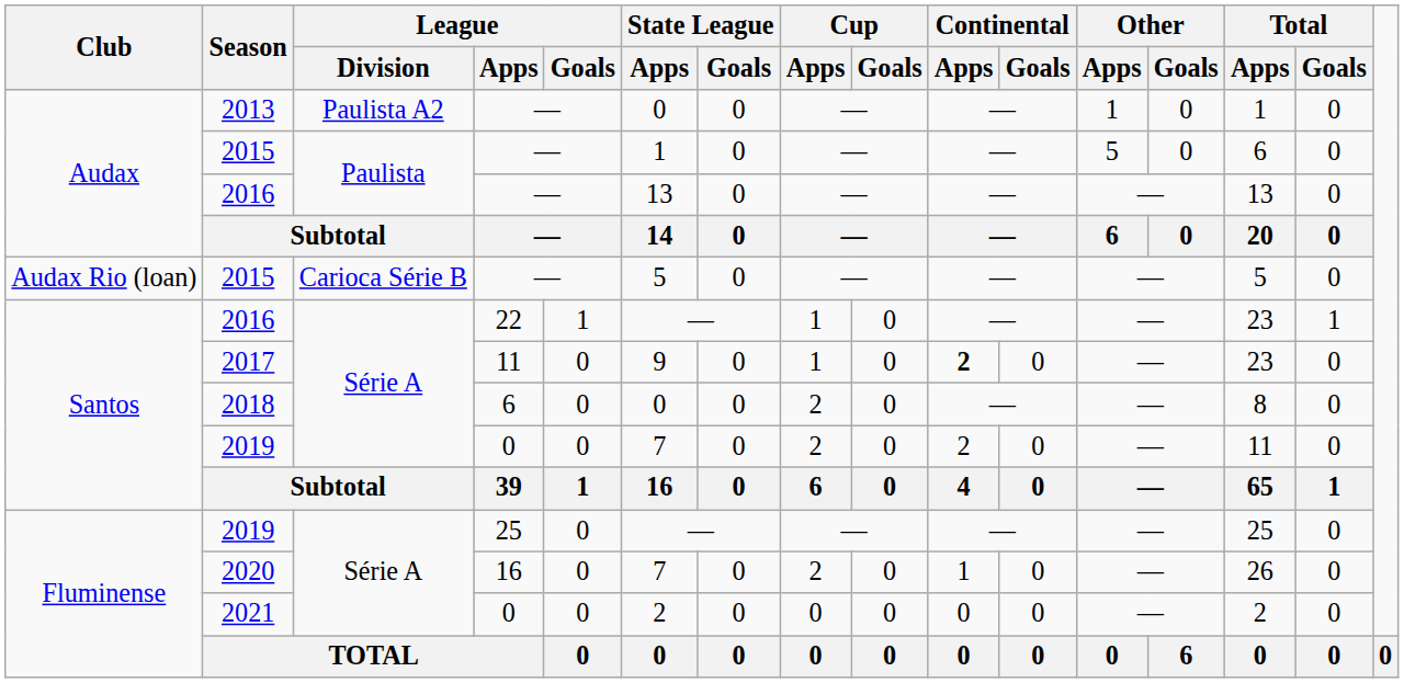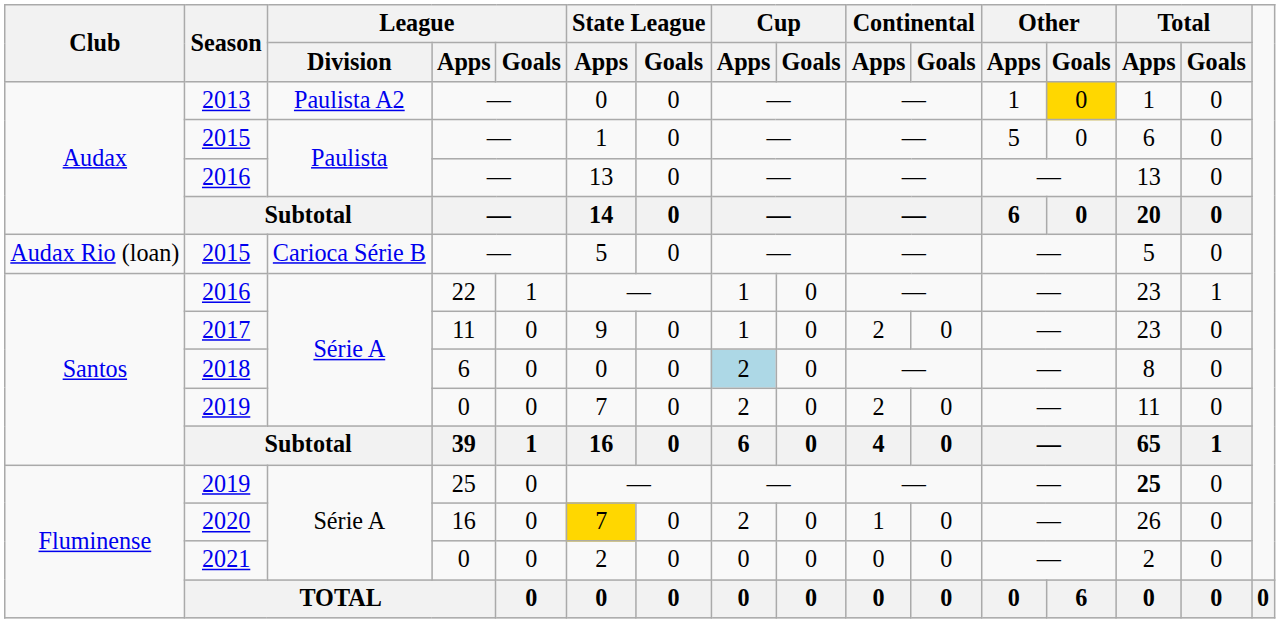 <table class="wikitable" style="text-align: center;">
 <tr>
 <th rowspan="2">Club</th>
 <th rowspan="2">Season</th>
 <th colspan="3">League</th>
 <th colspan="2">State League</th>
 <th colspan="2">Cup</th>
 <th colspan="2">Continental</th>
 <th colspan="2">Other</th>
 <th colspan="2">Total</th>
 </tr>
 <tr>
 <th>Division</th>
 <th>Apps</th>
 <th>Goals</th>
 <th>Apps</th>
 <th>Goals</th>
 <th>Apps</th>
 <th>Goals</th>
 <th>Apps</th>
 <th>Goals</th>
 <th>Apps</th>
 <th>Goals</th>
 <th>Apps</th>
 <th>Goals</th>
 </tr>
 <tr>
 <td rowspan="4" valign="center"><a href='#'>Audax</a></td>
 <td><a href='#'>2013</a></td>
 <td><a href='#'>Paulista A2</a></td>
 <td colspan="2">—</td>
 <td>0</td>
 <td>0</td>
 <td colspan="2">—</td>
 <td colspan="2">—</td>
 <td>1</td>
-<td>0</td>
+<td style="background: gold;">0</td>
 <td>1</td>
 <td>0</td>
 </tr>
 <tr>
 <td><a href='#'>2015</a></td>
 <td rowspan="2"><a href='#'>Paulista</a></td>
 <td colspan="2">—</td>
 <td>1</td>
 <td>0</td>
 <td colspan="2">—</td>
 <td colspan="2">—</td>
 <td>5</td>
 <td>0</td>
 <td>6</td>
 <td>0</td>
 </tr>
 <tr>
 <td><a href='#'>2016</a></td>
 <td colspan="2">—</td>
 <td>13</td>
 <td>0</td>
 <td colspan="2">—</td>
 <td colspan="2">—</td>
 <td colspan="2">—</td>
 <td>13</td>
 <td>0</td>
 </tr>
 <tr>
 <th colspan="2">Subtotal</th>
 <th colspan="2">—</th>
 <th>14</th>
 <th>0</th>
 <th colspan="2">—</th>
 <th colspan="2">—</th>
 <th>6</th>
 <th>0</th>
 <th>20</th>
 <th>0</th>
 </tr>
 <tr>
 <td valign="center"><a href='#'>Audax Rio</a> (loan)</td>
 <td><a href='#'>2015</a></td>
 <td><a href='#'>Carioca Série B</a></td>
 <td colspan="2">—</td>
 <td>5</td>
 <td>0</td>
 <td colspan="2">—</td>
 <td colspan="2">—</td>
 <td colspan="2">—</td>
 <td>5</td>
 <td>0</td>
 </tr>
 <tr>
 <td rowspan=5 valign="center"><a href='#'>Santos</a></td>
 <td><a href='#'>2016</a></td>
 <td rowspan=4><a href='#'>Série A</a></td>
 <td>22</td>
 <td>1</td>
 <td colspan="2">—</td>
 <td>1</td>
 <td>0</td>
 <td colspan="2">—</td>
 <td colspan="2">—</td>
 <td>23</td>
 <td>1</td>
 </tr>
 <tr>
 <td><a href='#'>2017</a></td>
 <td>11</td>
 <td>0</td>
 <td>9</td>
 <td>0</td>
 <td>1</td>
 <td>0</td>
-<td><strong>2</strong></td>
+<td>2</td>
 <td>0</td>
 <td colspan="2">—</td>
 <td>23</td>
 <td>0</td>
 </tr>
 <tr>
 <td><a href='#'>2018</a></td>
 <td>6</td>
 <td>0</td>
 <td>0</td>
 <td>0</td>
-<td>2</td>
+<td style="background: lightblue;">2</td>
 <td>0</td>
 <td colspan="2">—</td>
 <td colspan="2">—</td>
 <td>8</td>
 <td>0</td>
 </tr>
 <tr>
 <td><a href='#'>2019</a></td>
 <td>0</td>
 <td>0</td>
 <td>7</td>
 <td>0</td>
 <td>2</td>
 <td>0</td>
 <td>2</td>
 <td>0</td>
 <td colspan="2">—</td>
 <td>11</td>
 <td>0</td>
 </tr>
 <tr>
 <th colspan="2">Subtotal</th>
 <th>39</th>
 <th>1</th>
 <th>16</th>
 <th>0</th>
 <th>6</th>
 <th>0</th>
 <th>4</th>
 <th>0</th>
 <th colspan="2">—</th>
 <th>65</th>
 <th>1</th>
 </tr>
 <tr>
 <td rowspan="4" valign="center"><a href='#'>Fluminense</a></td>
 <td><a href='#'>2019</a></td>
 <td rowspan="3">Série A</td>
 <td>25</td>
 <td>0</td>
 <td colspan="2">—</td>
 <td colspan="2">—</td>
 <td colspan="2">—</td>
 <td colspan="2">—</td>
-<td>25</td>
+<td><strong>25</strong></td>
 <td>0</td>
 </tr>
 <tr>
 <td><a href='#'>2020</a></td>
 <td>16</td>
 <td>0</td>
-<td>7</td>
+<td style="background: gold;">7</td>
 <td>0</td>
 <td>2</td>
 <td>0</td>
 <td>1</td>
 <td>0</td>
 <td colspan="2">—</td>
 <td>26</td>
 <td>0</td>
 </tr>
 <tr>
 <td><a href='#'>2021</a></td>
 <td>0</td>
 <td>0</td>
 <td>2</td>
 <td>0</td>
 <td>0</td>
 <td>0</td>
 <td>0</td>
 <td>0</td>
 <td colspan="2">—</td>
 <td>2</td>
 <td>0</td>
 </tr>
 <tr>
 <th colspan="3">TOTAL</th>
 <th>0</th>
 <th>0</th>
 <th>0</th>
 <th>0</th>
 <th>0</th>
 <th>0</th>
 <th>0</th>
 <th>0</th>
 <th>6</th>
 <th>0</th>
 <th>0</th>
 <th>0</th>
 </tr>
 </table>
